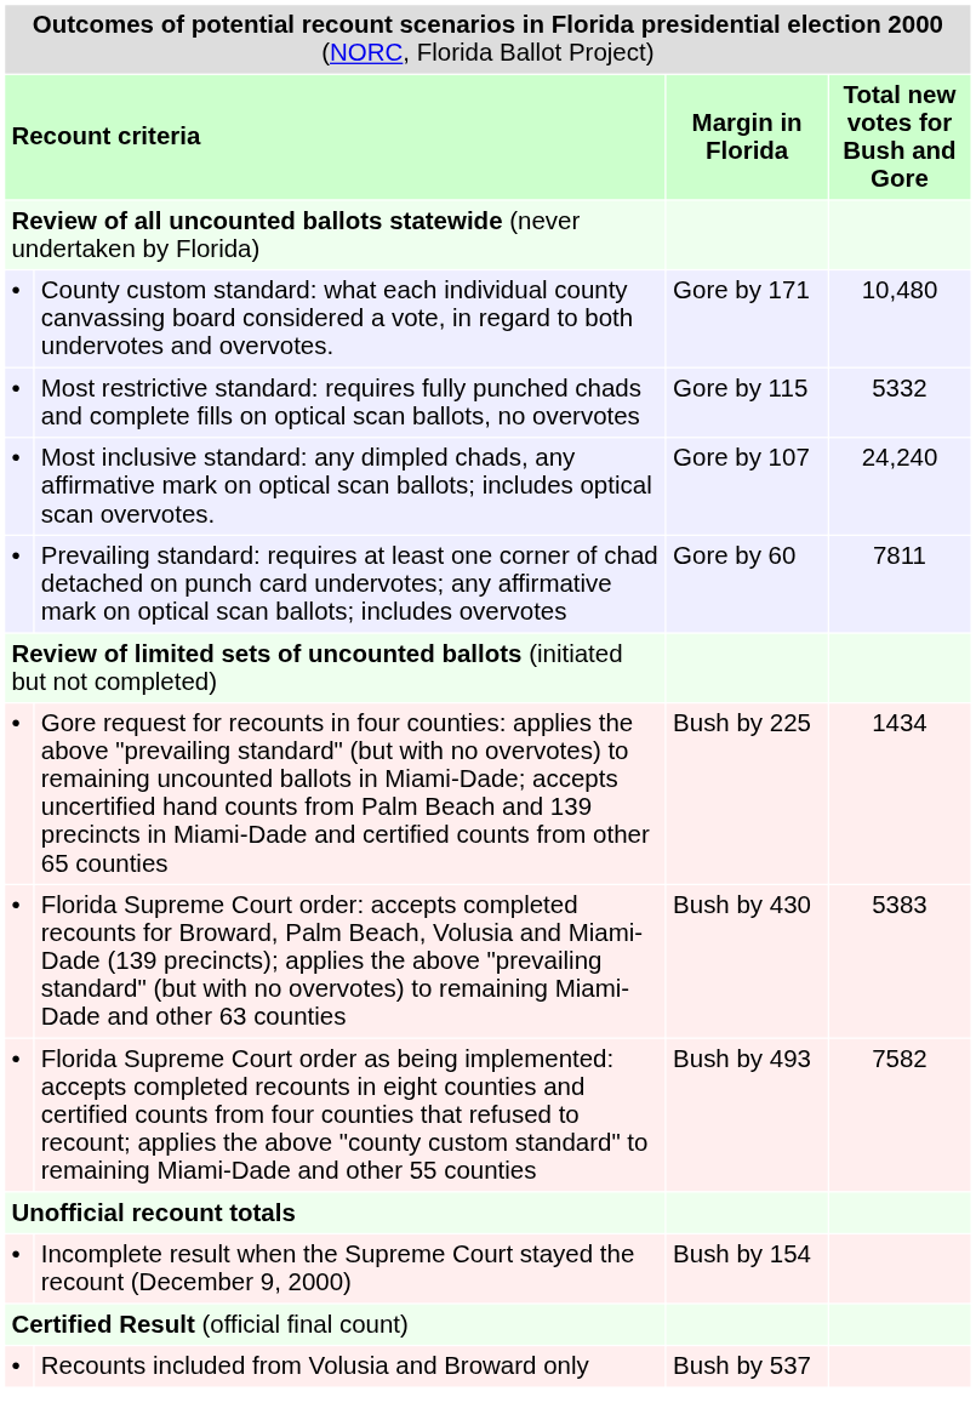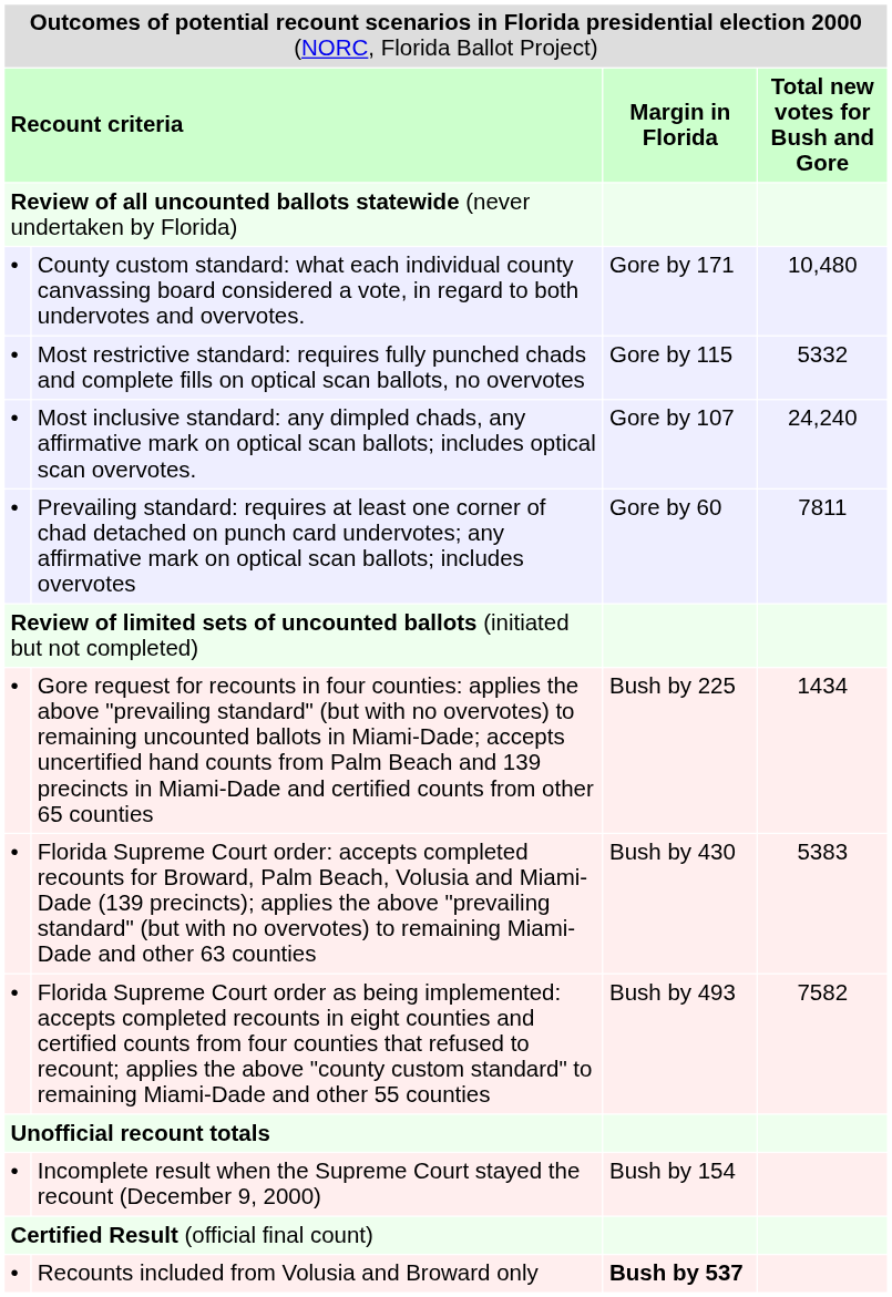 <table border="0" cellpadding="4" cellspacing="1">
 <tr>
 <td colspan="4" style="text-align:center; background:#ddd;"><strong>Outcomes of potential recount scenarios in Florida presidential election 2000</strong><br>(<a href='#'>NORC</a>, Florida Ballot Project)</td>
 </tr>
 <tr style="background:#cfc;">
 <th colspan="2" style="text-align:left;">Recount criteria</th>
 <th>Margin in Florida</th>
 <td style="text-align:center;"><strong>Total new votes for Bush and Gore</strong></td>
 </tr>
 <tr style="vertical-align:top; background:#efe;">
 <td colspan="2"><strong>Review of all uncounted ballots statewide</strong> (never undertaken by Florida)</td>
 <td> </td>
 <td> </td>
 </tr>
 <tr style="vertical-align:top; background:#eef;">
 <td>• </td>
 <td>County custom standard: what each individual county canvassing board considered a vote, in regard to both undervotes and overvotes.</td>
 <td>Gore by 171</td>
 <td style="text-align:center;">10,480</td>
 </tr>
 <tr style="vertical-align:top; background:#eef;">
 <td>• </td>
 <td>Most restrictive standard: requires fully punched chads and complete fills on optical scan ballots, no overvotes</td>
 <td>Gore by 115</td>
 <td style="text-align:center;">5332</td>
 </tr>
 <tr style="vertical-align:top; background:#eef;">
 <td>• </td>
 <td>Most inclusive standard: any dimpled chads, any affirmative mark on optical scan ballots; includes optical scan overvotes.</td>
 <td>Gore by 107</td>
 <td style="text-align:center;">24,240</td>
 </tr>
 <tr style="vertical-align:top; background:#eef;">
 <td>• </td>
 <td>Prevailing standard: requires at least one corner of chad detached on punch card undervotes; any affirmative mark on optical scan ballots; includes overvotes</td>
 <td>Gore by 60</td>
 <td style="text-align:center;">7811</td>
 </tr>
 <tr style="vertical-align:top; background:#efe;">
 <td colspan="2"><strong>Review of limited sets of uncounted ballots</strong> (initiated but not completed)</td>
 <td> </td>
 <td> </td>
 </tr>
 <tr style="vertical-align:top; background:#fee;">
 <td>• </td>
 <td>Gore request for recounts in four counties: applies the above "prevailing standard" (but with no overvotes) to remaining uncounted ballots in Miami-Dade; accepts uncertified hand counts from Palm Beach and 139 precincts in Miami-Dade and certified counts from other 65 counties</td>
 <td>Bush by 225</td>
 <td style="text-align:center;">1434</td>
 </tr>
 <tr style="vertical-align:top; background:#fee;">
 <td>• </td>
 <td>Florida Supreme Court order: accepts completed recounts for Broward, Palm Beach, Volusia and Miami-Dade (139 precincts); applies the above "prevailing standard" (but with no overvotes) to remaining Miami-Dade and other 63 counties</td>
 <td>Bush by 430</td>
 <td style="text-align:center;">5383</td>
 </tr>
 <tr style="vertical-align:top; background:#fee;">
 <td>• </td>
 <td>Florida Supreme Court order as being implemented: accepts completed recounts in eight counties and certified counts from four counties that refused to recount; applies the above "county custom standard" to remaining Miami-Dade and other 55 counties</td>
 <td>Bush by 493</td>
 <td style="text-align:center;">7582</td>
 </tr>
 <tr style="vertical-align:top; background:#efe;">
 <td colspan="2"><strong>Unofficial recount totals</strong></td>
 <td> </td>
 <td> </td>
 </tr>
 <tr style="vertical-align:top; background:#fee;">
 <td>• </td>
 <td>Incomplete result when the Supreme Court stayed the recount (December 9, 2000)</td>
 <td>Bush by 154</td>
 <td> </td>
 </tr>
 <tr style="vertical-align:top; background:#efe;">
 <td colspan="2"><strong>Certified Result</strong> (official final count)</td>
 <td> </td>
 <td> </td>
 </tr>
 <tr style="vertical-align:top; background:#fee;">
 <td>• </td>
 <td>Recounts included from Volusia and Broward only</td>
-<td>Bush by 537</td>
+<td><strong>Bush by 537</strong></td>
 <td> </td>
 </tr>
 </table>
